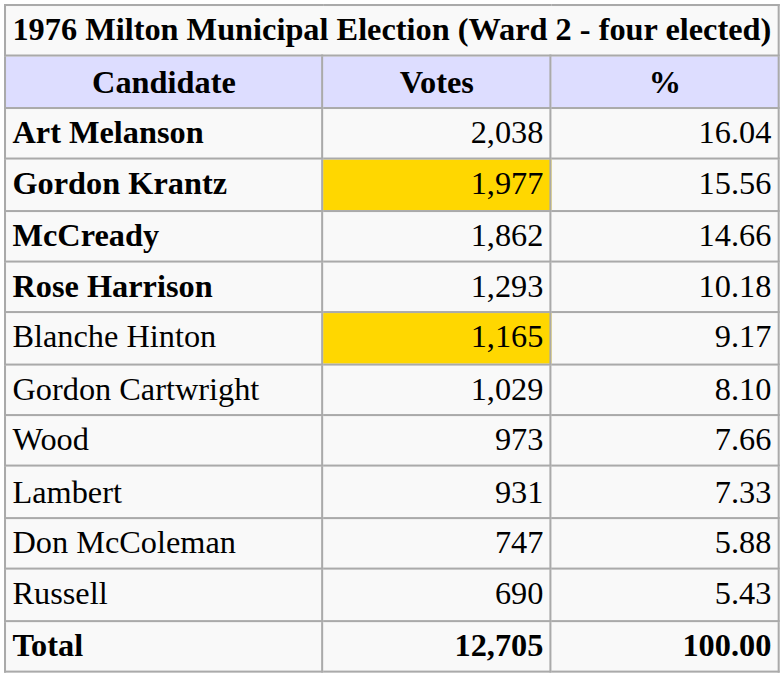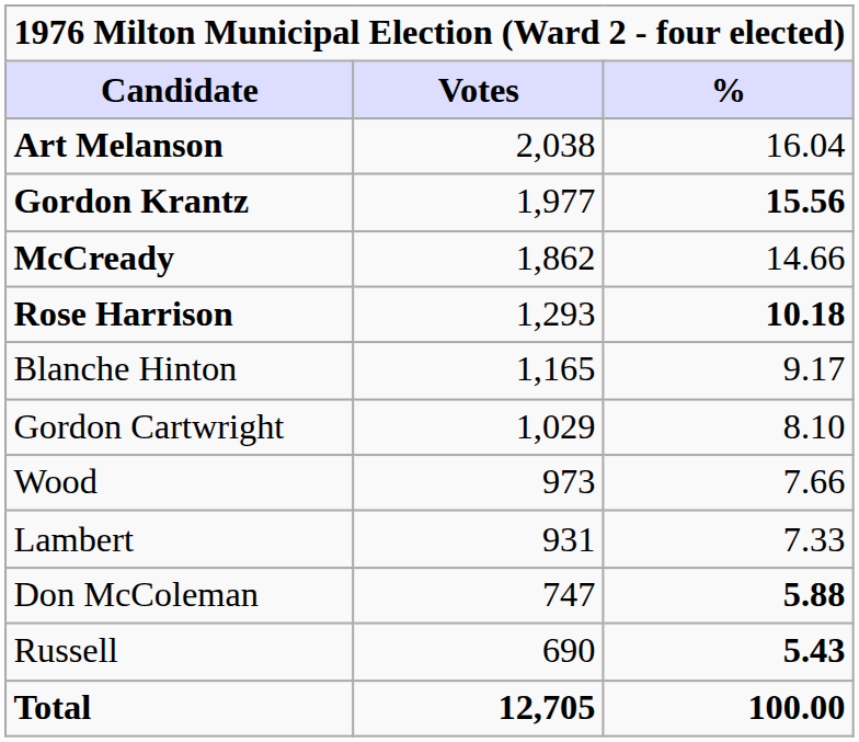 <table class="wikitable sortable">
 <tr>
 <td colspan="3" style="text-align:center;"><strong>1976 Milton Municipal Election (Ward 2 - four elected)</strong></td>
 </tr>
 <tr>
 <th style="background:#ddf; width:150px;">Candidate</th>
 <th style="background:#ddf;">Votes</th>
 <th style="background:#ddf;">%</th>
 </tr>
 <tr>
 <td><strong>Art Melanson</strong></td>
 <td align=right>2,038</td>
 <td align=right>16.04</td>
 </tr>
 <tr>
 <td><strong>Gordon Krantz</strong></td>
-<td align=right style="background: gold;">1,977</td>
-<td align=right>15.56</td>
+<td align=right>1,977</td>
+<td align=right><strong>15.56</strong></td>
 </tr>
 <tr>
 <td><strong>McCready</strong></td>
 <td align=right>1,862</td>
 <td align=right>14.66</td>
 </tr>
 <tr>
 <td><strong>Rose Harrison</strong></td>
 <td align=right>1,293</td>
-<td align=right>10.18</td>
+<td align=right><strong>10.18</strong></td>
 </tr>
 <tr>
 <td>Blanche Hinton</td>
-<td align=right style="background: gold;">1,165</td>
+<td align=right>1,165</td>
 <td align=right>9.17</td>
 </tr>
 <tr>
 <td>Gordon Cartwright</td>
 <td align=right>1,029</td>
 <td align=right>8.10</td>
 </tr>
 <tr>
 <td>Wood</td>
 <td align=right>973</td>
 <td align=right>7.66</td>
 </tr>
 <tr>
 <td>Lambert</td>
 <td align=right>931</td>
 <td align=right>7.33</td>
 </tr>
 <tr>
 <td>Don McColeman</td>
 <td align=right>747</td>
-<td align=right>5.88</td>
+<td align=right><strong>5.88</strong></td>
 </tr>
 <tr>
 <td>Russell</td>
 <td align=right>690</td>
-<td align=right>5.43</td>
+<td align=right><strong>5.43</strong></td>
 </tr>
 <tr>
 <td><strong>Total</strong></td>
 <td align=right><strong>12,705</strong></td>
 <td align=right><strong>100.00</strong></td>
 </tr>
 </table>
